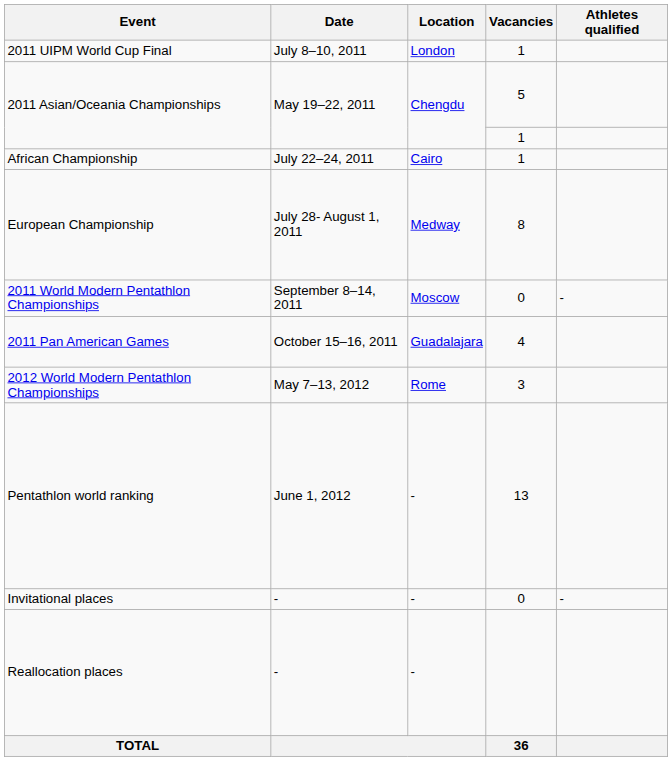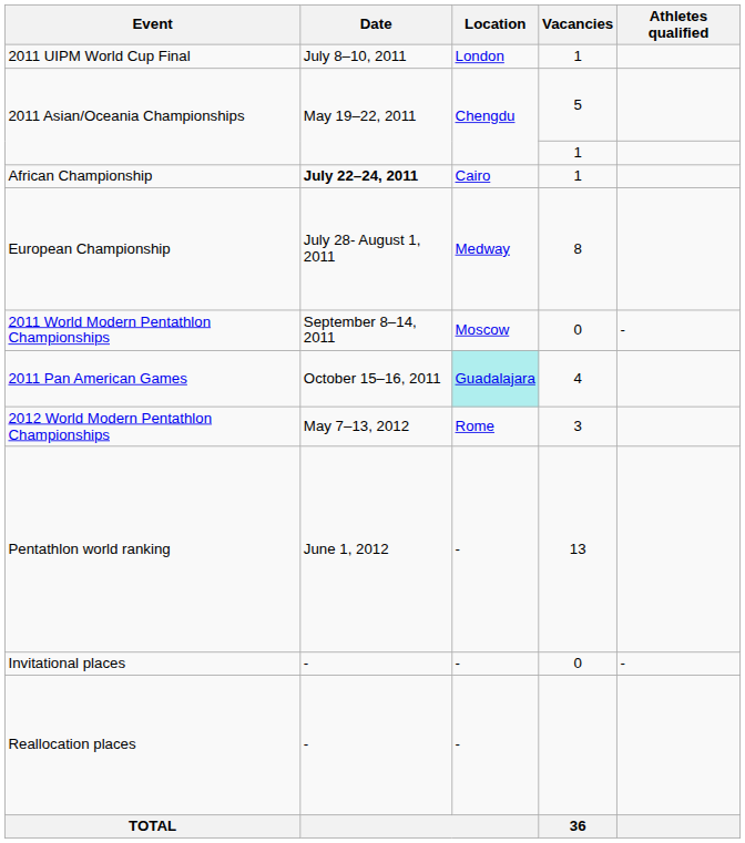 <table class=wikitable width=800>
 <tr>
 <th>Event</th>
 <th>Date</th>
 <th>Location</th>
 <th>Vacancies</th>
 <th>Athletes qualified</th>
 </tr>
 <tr>
 <td>2011 UIPM World Cup Final</td>
 <td>July 8–10, 2011</td>
 <td> <a href='#'>London</a></td>
 <td align="center">1</td>
 <td></td>
 </tr>
 <tr>
 <td rowspan="2">2011 Asian/Oceania Championships</td>
 <td rowspan="2">May 19–22, 2011</td>
 <td rowspan="2"> <a href='#'>Chengdu</a></td>
 <td align="center">5</td>
 <td><br><br><br><br></td>
 </tr>
 <tr>
 <td align="center">1</td>
 <td></td>
 </tr>
 <tr>
 <td>African Championship</td>
-<td>July 22–24, 2011</td>
+<td><strong>July 22–24, 2011</strong></td>
 <td> <a href='#'>Cairo</a></td>
 <td align="center">1</td>
 <td></td>
 </tr>
 <tr>
 <td>European Championship</td>
 <td>July 28- August 1, 2011</td>
 <td> <a href='#'>Medway</a></td>
 <td align="center">8</td>
 <td><br><br><br><br><br><br><br></td>
 </tr>
 <tr>
 <td><a href='#'>2011 World Modern Pentathlon Championships</a></td>
 <td>September 8–14, 2011</td>
 <td> <a href='#'>Moscow</a></td>
 <td align="center">0</td>
 <td>-</td>
 </tr>
 <tr>
 <td><a href='#'>2011 Pan American Games</a></td>
 <td>October 15–16, 2011</td>
-<td> <a href='#'>Guadalajara</a></td>
+<td style="background: paleturquoise;"> <a href='#'>Guadalajara</a></td>
 <td align="center">4</td>
 <td><br><br><br></td>
 </tr>
 <tr>
 <td><a href='#'>2012 World Modern Pentathlon Championships</a></td>
 <td>May 7–13, 2012</td>
 <td> <a href='#'>Rome</a></td>
 <td align="center">3</td>
 <td><br><br></td>
 </tr>
 <tr>
 <td>Pentathlon world ranking</td>
 <td>June 1, 2012</td>
 <td>-</td>
 <td align="center">13</td>
 <td><br><br><br><br><br><br><br><br><br><br><br><br></td>
 </tr>
 <tr>
 <td>Invitational places</td>
 <td>-</td>
 <td>-</td>
 <td align="center">0</td>
 <td>-</td>
 </tr>
 <tr>
 <td>Reallocation places</td>
 <td>-</td>
 <td>-</td>
 <td align="center"></td>
 <td><br><br><br><br><br><br><br><br></td>
 </tr>
 <tr>
 <th>TOTAL</th>
 <th colspan="2"></th>
 <th>36</th>
 <th></th>
 </tr>
 </table>
